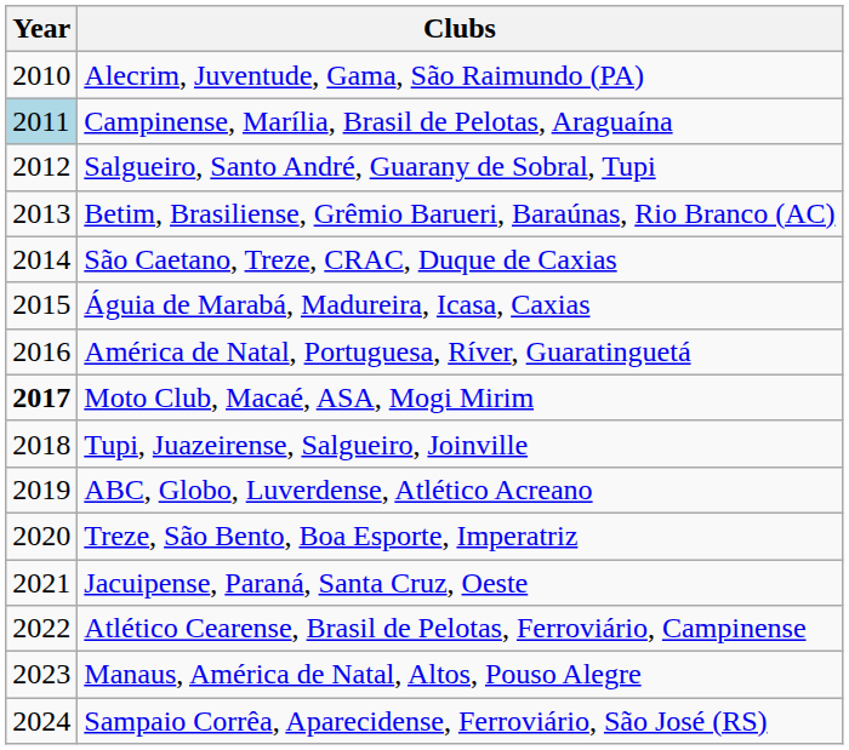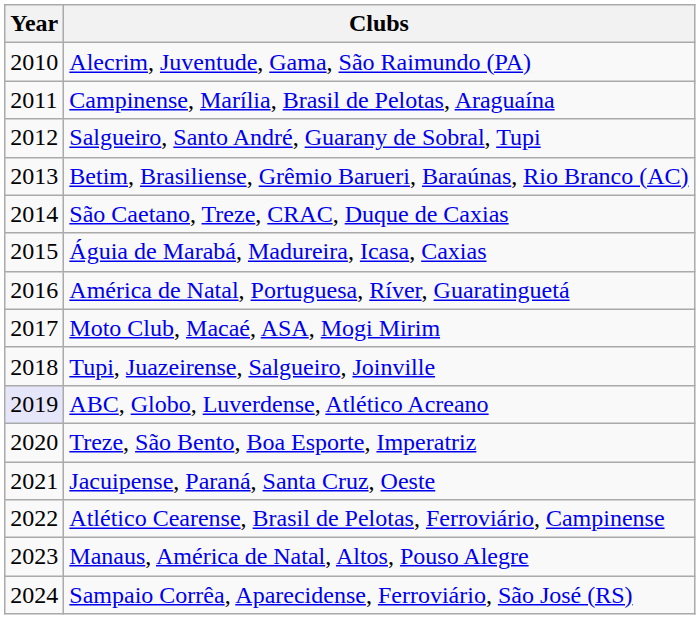 <table class="wikitable">
 <tr>
 <th>Year</th>
 <th>Clubs</th>
 </tr>
 <tr>
 <td>2010</td>
 <td><a href='#'>Alecrim</a>, <a href='#'>Juventude</a>, <a href='#'>Gama</a>, <a href='#'>São Raimundo (PA)</a></td>
 </tr>
 <tr>
-<td style="background: lightblue;">2011</td>
+<td>2011</td>
 <td><a href='#'>Campinense</a>, <a href='#'>Marília</a>, <a href='#'>Brasil de Pelotas</a>, <a href='#'>Araguaína</a></td>
 </tr>
 <tr>
 <td>2012</td>
 <td><a href='#'>Salgueiro</a>, <a href='#'>Santo André</a>, <a href='#'>Guarany de Sobral</a>, <a href='#'>Tupi</a></td>
 </tr>
 <tr>
 <td>2013</td>
 <td><a href='#'>Betim</a>, <a href='#'>Brasiliense</a>, <a href='#'>Grêmio Barueri</a>, <a href='#'>Baraúnas</a>, <a href='#'>Rio Branco (AC)</a></td>
 </tr>
 <tr>
 <td>2014</td>
 <td><a href='#'>São Caetano</a>, <a href='#'>Treze</a>, <a href='#'>CRAC</a>, <a href='#'>Duque de Caxias</a></td>
 </tr>
 <tr>
 <td>2015</td>
 <td><a href='#'>Águia de Marabá</a>, <a href='#'>Madureira</a>, <a href='#'>Icasa</a>, <a href='#'>Caxias</a></td>
 </tr>
 <tr>
 <td>2016</td>
 <td><a href='#'>América de Natal</a>, <a href='#'>Portuguesa</a>, <a href='#'>Ríver</a>, <a href='#'>Guaratinguetá</a></td>
 </tr>
 <tr>
-<td><strong>2017</strong></td>
+<td>2017</td>
 <td><a href='#'>Moto Club</a>, <a href='#'>Macaé</a>, <a href='#'>ASA</a>, <a href='#'>Mogi Mirim</a></td>
 </tr>
 <tr>
 <td>2018</td>
 <td><a href='#'>Tupi</a>, <a href='#'>Juazeirense</a>, <a href='#'>Salgueiro</a>, <a href='#'>Joinville</a></td>
 </tr>
 <tr>
-<td>2019</td>
+<td style="background: lavender;">2019</td>
 <td><a href='#'>ABC</a>, <a href='#'>Globo</a>, <a href='#'>Luverdense</a>, <a href='#'>Atlético Acreano</a></td>
 </tr>
 <tr>
 <td>2020</td>
 <td><a href='#'>Treze</a>, <a href='#'>São Bento</a>, <a href='#'>Boa Esporte</a>, <a href='#'>Imperatriz</a></td>
 </tr>
 <tr>
 <td>2021</td>
 <td><a href='#'>Jacuipense</a>, <a href='#'>Paraná</a>, <a href='#'>Santa Cruz</a>, <a href='#'>Oeste</a></td>
 </tr>
 <tr>
 <td>2022</td>
 <td><a href='#'>Atlético Cearense</a>, <a href='#'>Brasil de Pelotas</a>, <a href='#'>Ferroviário</a>, <a href='#'>Campinense</a></td>
 </tr>
 <tr>
 <td>2023</td>
 <td><a href='#'>Manaus</a>, <a href='#'>América de Natal</a>, <a href='#'>Altos</a>, <a href='#'>Pouso Alegre</a></td>
 </tr>
 <tr>
 <td>2024</td>
 <td><a href='#'>Sampaio Corrêa</a>, <a href='#'>Aparecidense</a>, <a href='#'>Ferroviário</a>, <a href='#'>São José (RS)</a></td>
 </tr>
 </table>
